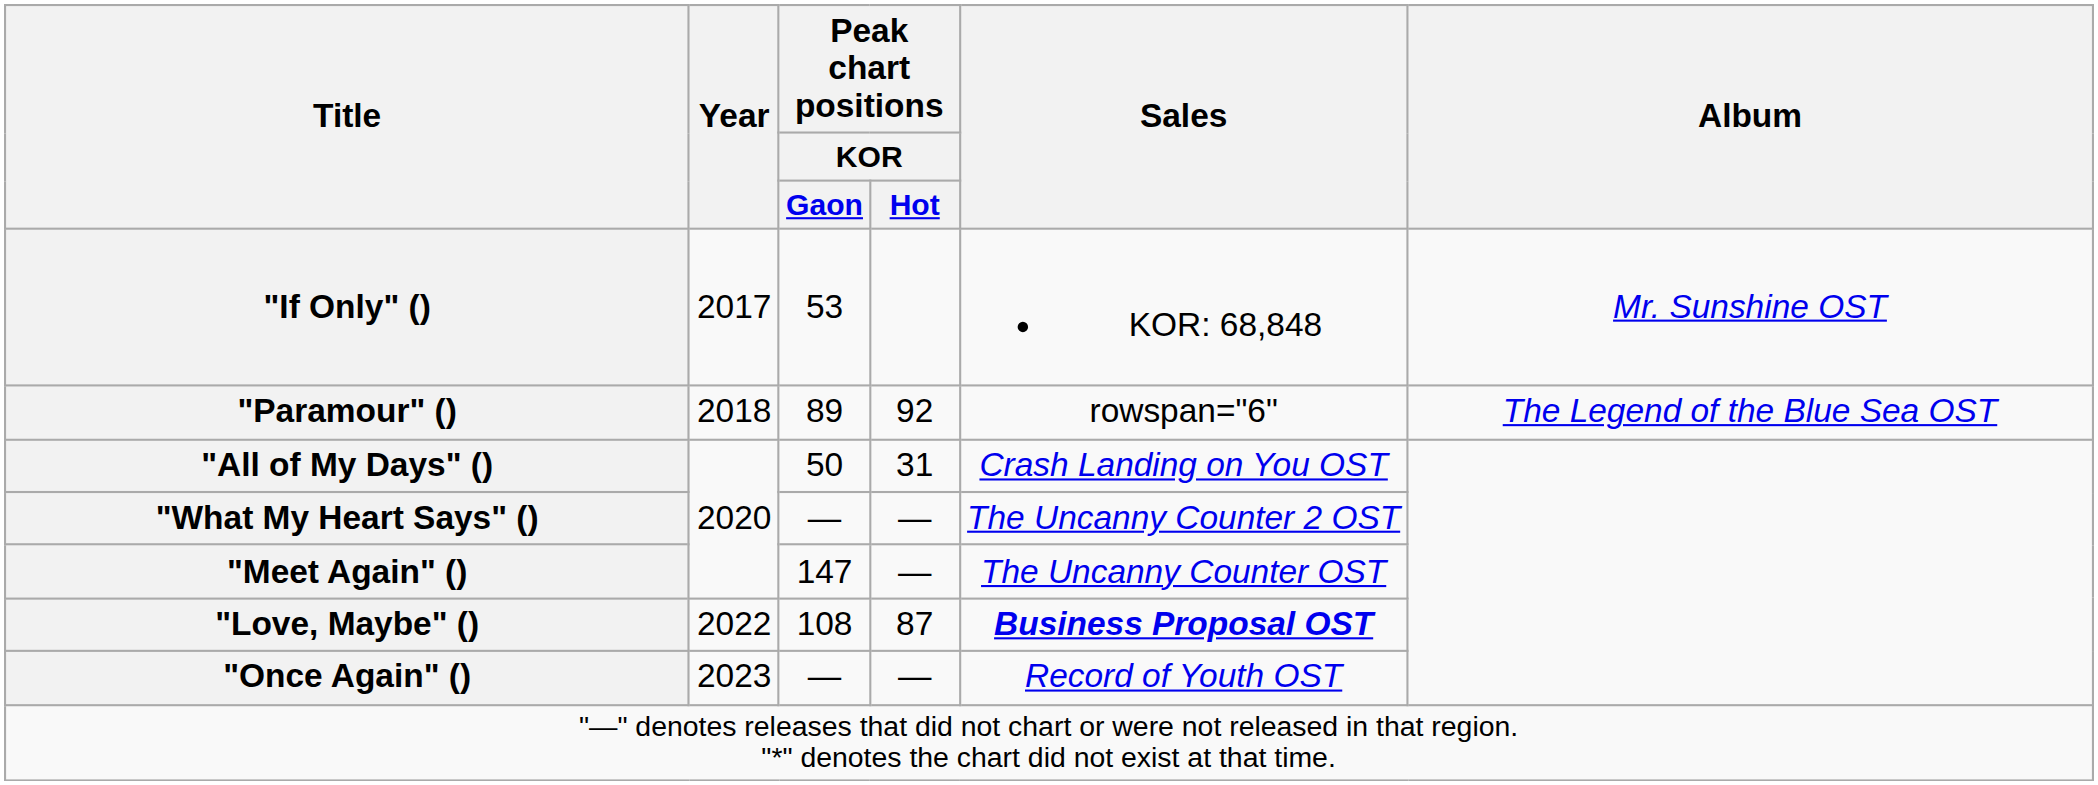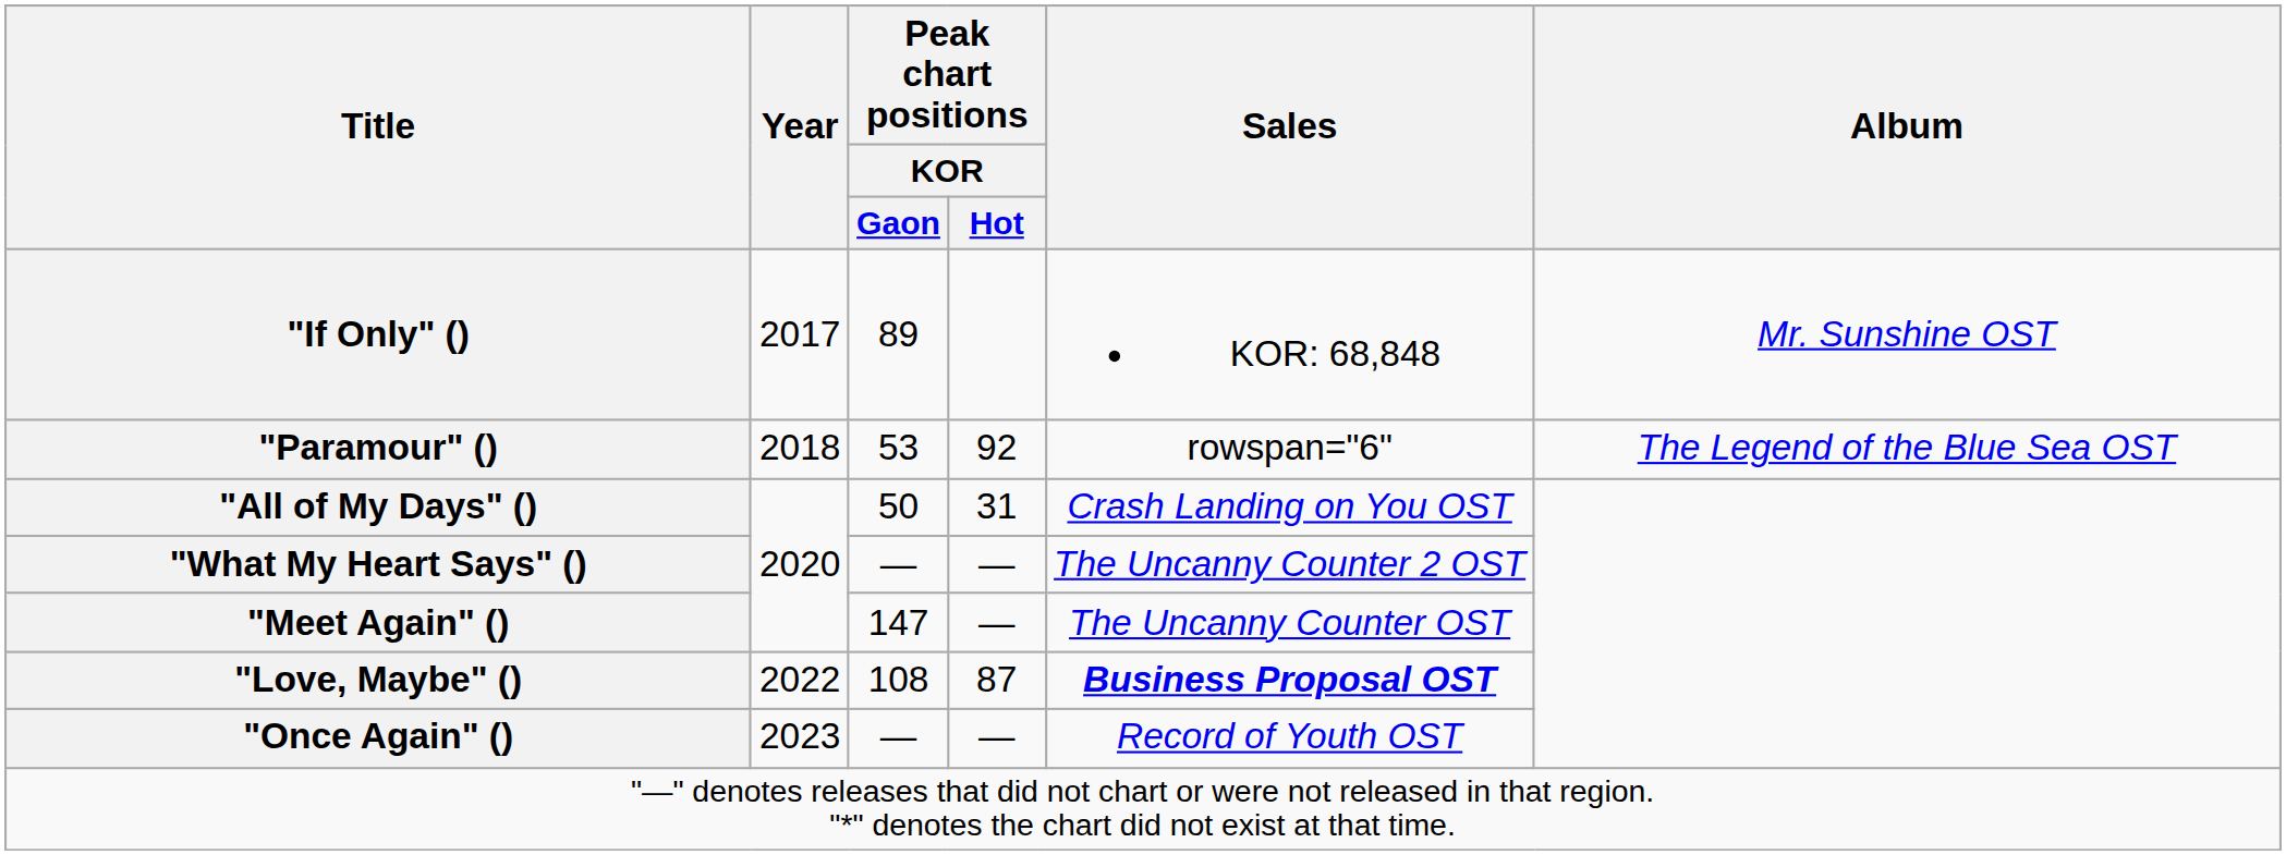 <table class="wikitable plainrowheaders" style="text-align:center">
 <tr>
 <th scope="col" rowspan="3" style="width:20em">Title</th>
 <th scope="col" rowspan="3">Year</th>
 <th scope="col" colspan="2">Peak chart positions</th>
 <th scope="col" rowspan="3">Sales</th>
 <th scope="col" rowspan="3" style="width:20em">Album</th>
 </tr>
 <tr>
 <th scope="col" colspan="2" style="width:2.5em;font-size:90%">KOR</th>
 </tr>
 <tr>
 <th scope="col" style="width:2.5em;font-size:90%"><a href='#'>Gaon</a><br></th>
 <th scope="col" style="width:2.5em;font-size:90%"><a href='#'>Hot</a><br></th>
 </tr>
 <tr>
 <th scope="row">"If Only" ()</th>
 <td>2017</td>
-<td>53</td>
+<td>89</td>
 <td></td>
 <td><br><ul><li>KOR: 68,848</li></ul></td>
 <td><em><a href='#'>Mr. Sunshine OST</a></em></td>
 </tr>
 <tr>
 <th scope="row">"Paramour" ()</th>
 <td>2018</td>
-<td>89</td>
+<td>53</td>
 <td>92</td>
 <td>rowspan="6" </td>
 <td><em><a href='#'>The Legend of the Blue Sea OST</a></em></td>
 </tr>
 <tr>
 <th scope="row">"All of My Days" ()</th>
 <td rowspan="3">2020</td>
 <td>50</td>
 <td>31</td>
 <td><em><a href='#'>Crash Landing on You OST</a></em></td>
 </tr>
 <tr>
 <th scope="row">"What My Heart Says" ()</th>
 <td>—</td>
 <td>—</td>
 <td><em><a href='#'>The Uncanny Counter 2 OST</a></em></td>
 </tr>
 <tr>
 <th scope="row">"Meet Again" ()</th>
 <td>147</td>
 <td>—</td>
 <td><em><a href='#'>The Uncanny Counter OST</a></em></td>
 </tr>
 <tr>
 <th scope="row">"Love, Maybe" ()<br></th>
 <td>2022</td>
 <td>108</td>
 <td>87</td>
 <td><strong><em><a href='#'>Business Proposal OST</a></em></strong></td>
 </tr>
 <tr>
 <th scope="row">"Once Again" ()</th>
 <td>2023</td>
 <td>—</td>
 <td>—</td>
 <td><em><a href='#'>Record of Youth OST</a></em></td>
 </tr>
 <tr>
 <td colspan="6" style="font-size:85%">"—" denotes releases that did not chart or were not released in that region.<br> "*" denotes the chart did not exist at that time.</td>
 </tr>
 </table>
